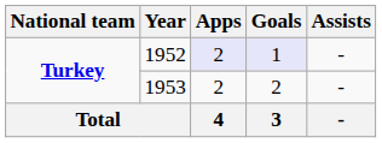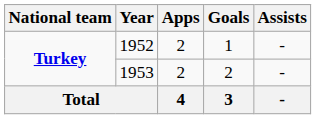 <table class="wikitable" style="text-align:center">
 <tr>
 <th>National team</th>
 <th>Year</th>
 <th>Apps</th>
 <th>Goals</th>
 <th>Assists</th>
 </tr>
 <tr>
 <td rowspan="2"><strong><a href='#'>Turkey</a></strong></td>
 <td>1952</td>
-<td style="background: lavender;">2</td>
-<td style="background: lavender;">1</td>
+<td>2</td>
+<td>1</td>
 <td>-</td>
 </tr>
 <tr>
 <td>1953</td>
 <td>2</td>
 <td>2</td>
 <td>-</td>
 </tr>
 <tr>
 <th colspan=2>Total</th>
 <th>4</th>
 <th>3</th>
 <th>-</th>
 </tr>
 </table>
